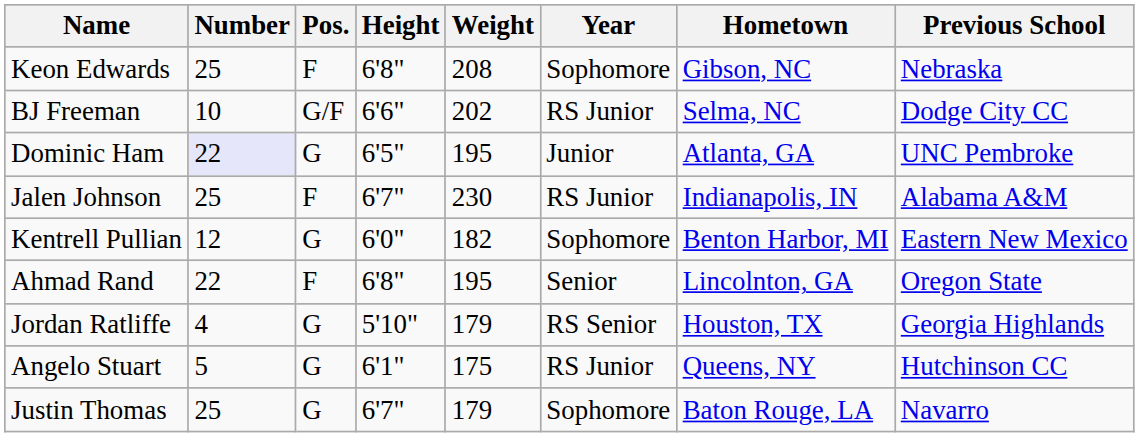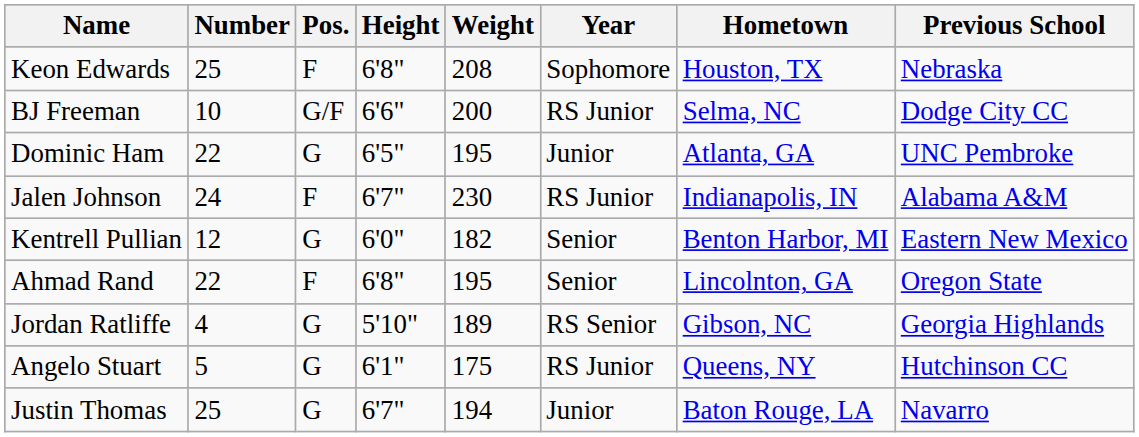 <table class="wikitable sortable" border="1">
 <tr>
 <th>Name</th>
 <th>Number</th>
 <th>Pos.</th>
 <th>Height</th>
 <th>Weight</th>
 <th>Year</th>
 <th>Hometown</th>
 <th>Previous School</th>
 </tr>
 <tr>
 <td>Keon Edwards</td>
 <td>25</td>
 <td>F</td>
 <td>6'8"</td>
 <td>208</td>
 <td>Sophomore</td>
-<td><a href='#'>Gibson, NC</a></td>
+<td><a href='#'>Houston, TX</a></td>
 <td><a href='#'>Nebraska</a></td>
 </tr>
 <tr>
 <td>BJ Freeman</td>
 <td>10</td>
 <td>G/F</td>
 <td>6'6"</td>
-<td>202</td>
+<td>200</td>
 <td>RS Junior</td>
 <td><a href='#'>Selma, NC</a></td>
 <td><a href='#'>Dodge City CC</a></td>
 </tr>
 <tr>
 <td>Dominic Ham</td>
-<td style="background: lavender;">22</td>
+<td>22</td>
 <td>G</td>
 <td>6'5"</td>
 <td>195</td>
 <td>Junior</td>
 <td><a href='#'>Atlanta, GA</a></td>
 <td><a href='#'>UNC Pembroke</a></td>
 </tr>
 <tr>
 <td>Jalen Johnson</td>
-<td>25</td>
+<td>24</td>
 <td>F</td>
 <td>6'7"</td>
 <td>230</td>
 <td>RS Junior</td>
 <td><a href='#'>Indianapolis, IN</a></td>
 <td><a href='#'>Alabama A&M</a></td>
 </tr>
 <tr>
 <td>Kentrell Pullian</td>
 <td>12</td>
 <td>G</td>
 <td>6'0"</td>
 <td>182</td>
-<td>Sophomore</td>
+<td>Senior</td>
 <td><a href='#'>Benton Harbor, MI</a></td>
 <td><a href='#'>Eastern New Mexico</a></td>
 </tr>
 <tr>
 <td>Ahmad Rand</td>
 <td>22</td>
 <td>F</td>
 <td>6'8"</td>
 <td>195</td>
 <td>Senior</td>
 <td><a href='#'>Lincolnton, GA</a></td>
 <td><a href='#'>Oregon State</a></td>
 </tr>
 <tr>
 <td>Jordan Ratliffe</td>
 <td>4</td>
 <td>G</td>
 <td>5'10"</td>
-<td>179</td>
+<td>189</td>
 <td>RS Senior</td>
-<td><a href='#'>Houston, TX</a></td>
+<td><a href='#'>Gibson, NC</a></td>
 <td><a href='#'>Georgia Highlands</a></td>
 </tr>
 <tr>
 <td>Angelo Stuart</td>
 <td>5</td>
 <td>G</td>
 <td>6'1"</td>
 <td>175</td>
 <td>RS Junior</td>
 <td><a href='#'>Queens, NY</a></td>
 <td><a href='#'>Hutchinson CC</a></td>
 </tr>
 <tr>
 <td>Justin Thomas</td>
 <td>25</td>
 <td>G</td>
 <td>6'7"</td>
-<td>179</td>
-<td>Sophomore</td>
+<td>194</td>
+<td>Junior</td>
 <td><a href='#'>Baton Rouge, LA</a></td>
 <td><a href='#'>Navarro</a></td>
 </tr>
 </table>
